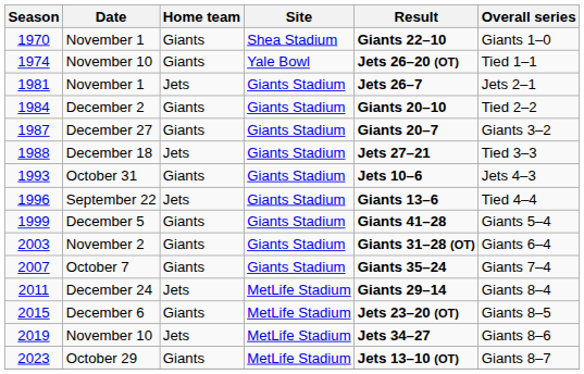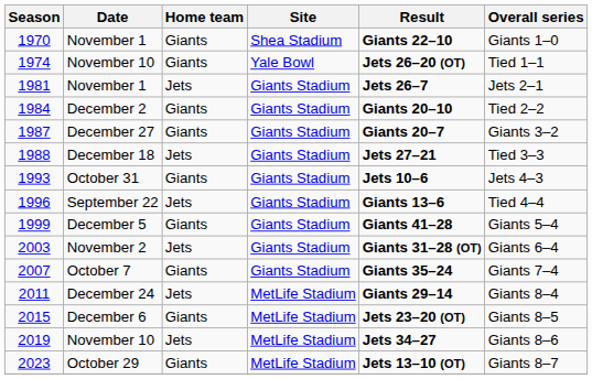 <table class="wikitable" style="font-size: 95%;">
 <tr>
 <th>Season</th>
 <th>Date</th>
 <th>Home team</th>
 <th>Site</th>
 <th>Result</th>
 <th>Overall series</th>
 </tr>
 <tr>
 <td align="center"><a href='#'>1970</a></td>
 <td>November 1</td>
 <td>Giants</td>
 <td><a href='#'>Shea Stadium</a></td>
 <td><strong>Giants 22–10</strong></td>
 <td>Giants 1–0</td>
 </tr>
 <tr>
 <td align="center"><a href='#'>1974</a></td>
 <td>November 10</td>
 <td>Giants</td>
 <td><a href='#'>Yale Bowl</a></td>
 <td><strong>Jets 26–20 <small>(OT)</small></strong></td>
 <td>Tied 1–1</td>
 </tr>
 <tr>
 <td align="center"><a href='#'>1981</a></td>
 <td>November 1</td>
 <td>Jets</td>
 <td><a href='#'>Giants Stadium</a></td>
 <td><strong>Jets 26–7</strong></td>
 <td>Jets 2–1</td>
 </tr>
 <tr>
 <td align="center"><a href='#'>1984</a></td>
 <td>December 2</td>
 <td>Giants</td>
 <td><a href='#'>Giants Stadium</a></td>
 <td><strong>Giants 20–10</strong></td>
 <td>Tied 2–2</td>
 </tr>
 <tr>
 <td align="center"><a href='#'>1987</a></td>
 <td>December 27</td>
 <td>Giants</td>
 <td><a href='#'>Giants Stadium</a></td>
 <td><strong>Giants 20–7</strong></td>
 <td>Giants 3–2</td>
 </tr>
 <tr>
 <td align="center"><a href='#'>1988</a></td>
 <td>December 18</td>
 <td>Jets</td>
 <td><a href='#'>Giants Stadium</a></td>
 <td><strong>Jets 27–21</strong></td>
 <td>Tied 3–3</td>
 </tr>
 <tr>
 <td align="center"><a href='#'>1993</a></td>
 <td>October 31</td>
 <td>Giants</td>
 <td><a href='#'>Giants Stadium</a></td>
 <td><strong>Jets 10–6</strong></td>
 <td>Jets 4–3</td>
 </tr>
 <tr>
 <td align="center"><a href='#'>1996</a></td>
 <td>September 22</td>
 <td>Jets</td>
 <td><a href='#'>Giants Stadium</a></td>
 <td><strong>Giants 13–6</strong></td>
 <td>Tied 4–4</td>
 </tr>
 <tr>
 <td align="center"><a href='#'>1999</a></td>
 <td>December 5</td>
 <td>Giants</td>
 <td><a href='#'>Giants Stadium</a></td>
 <td><strong>Giants 41–28</strong></td>
 <td>Giants 5–4</td>
 </tr>
 <tr>
 <td align="center"><a href='#'>2003</a></td>
 <td>November 2</td>
-<td>Giants</td>
+<td>Jets</td>
 <td><a href='#'>Giants Stadium</a></td>
 <td><strong>Giants 31–28 <small>(OT)</small></strong></td>
 <td>Giants 6–4</td>
 </tr>
 <tr>
 <td align="center"><a href='#'>2007</a></td>
 <td>October 7</td>
 <td>Giants</td>
 <td><a href='#'>Giants Stadium</a></td>
 <td><strong>Giants 35–24</strong></td>
 <td>Giants 7–4</td>
 </tr>
 <tr>
 <td align="center"><a href='#'>2011</a></td>
 <td>December 24</td>
 <td>Jets</td>
 <td><a href='#'>MetLife Stadium</a></td>
 <td><strong>Giants 29–14</strong></td>
 <td>Giants 8–4</td>
 </tr>
 <tr>
 <td align="center"><a href='#'>2015</a></td>
 <td>December 6</td>
 <td>Giants</td>
 <td><a href='#'>MetLife Stadium</a></td>
 <td><strong>Jets 23–20 <small>(OT)</small></strong></td>
 <td>Giants 8–5</td>
 </tr>
 <tr>
 <td align="center"><a href='#'>2019</a></td>
 <td>November 10</td>
 <td>Jets</td>
 <td><a href='#'>MetLife Stadium</a></td>
 <td><strong>Jets 34–27</strong></td>
 <td>Giants 8–6</td>
 </tr>
 <tr>
 <td align="center"><a href='#'>2023</a></td>
 <td>October 29</td>
 <td>Giants</td>
 <td><a href='#'>MetLife Stadium</a></td>
 <td><strong>Jets 13–10 <small>(OT)</small></strong></td>
 <td>Giants 8–7</td>
 </tr>
 <tr>
 </tr>
 </table>
